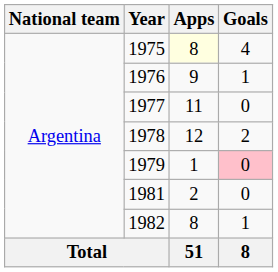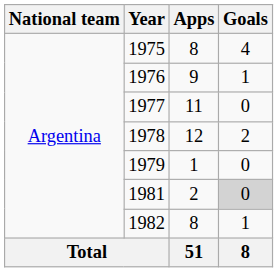 <table class="wikitable" style="text-align:center">
 <tr>
 <th>National team</th>
 <th>Year</th>
 <th>Apps</th>
 <th>Goals</th>
 </tr>
 <tr>
 <td rowspan="7"><a href='#'>Argentina</a></td>
 <td>1975</td>
-<td style="background: lightyellow;">8</td>
+<td>8</td>
 <td>4</td>
 </tr>
 <tr>
 <td>1976</td>
 <td>9</td>
 <td>1</td>
 </tr>
 <tr>
 <td>1977</td>
 <td>11</td>
 <td>0</td>
 </tr>
 <tr>
 <td>1978</td>
 <td>12</td>
 <td>2</td>
 </tr>
 <tr>
 <td>1979</td>
 <td>1</td>
-<td style="background: pink;">0</td>
+<td>0</td>
 </tr>
 <tr>
 <td>1981</td>
 <td>2</td>
-<td>0</td>
+<td style="background: lightgrey;">0</td>
 </tr>
 <tr>
 <td>1982</td>
 <td>8</td>
 <td>1</td>
 </tr>
 <tr>
 <th colspan="2">Total</th>
 <th>51</th>
 <th>8</th>
 </tr>
 </table>
